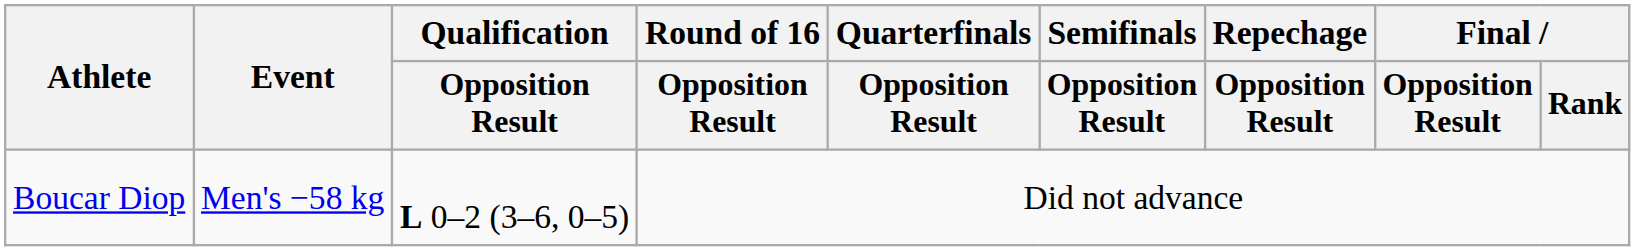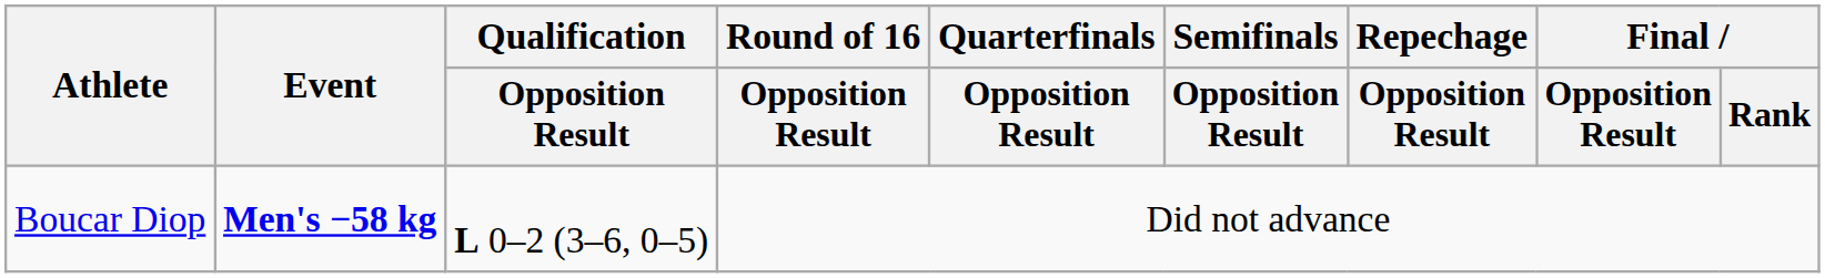 <table class=wikitable style=font-size:90%;text-align:center>
 <tr>
 <th rowspan=2>Athlete</th>
 <th rowspan=2>Event</th>
 <th>Qualification</th>
 <th>Round of 16</th>
 <th>Quarterfinals</th>
 <th>Semifinals</th>
 <th>Repechage</th>
 <th colspan=2>Final / </th>
 </tr>
 <tr style=font-size:95%>
 <th>Opposition<br>Result</th>
 <th>Opposition<br>Result</th>
 <th>Opposition<br>Result</th>
 <th>Opposition<br>Result</th>
 <th>Opposition<br>Result</th>
 <th>Opposition<br>Result</th>
 <th>Rank</th>
 </tr>
 <tr align=center>
 <td align=left><a href='#'>Boucar Diop</a></td>
-<td align=left><a href='#'>Men's −58 kg</a></td>
+<td align=left><strong><a href='#'>Men's −58 kg</a></strong></td>
 <td><br><strong>L</strong> 0–2 (3–6, 0–5)</td>
 <td colspan=6>Did not advance</td>
 </tr>
 </table>
